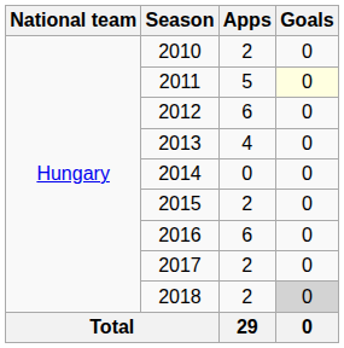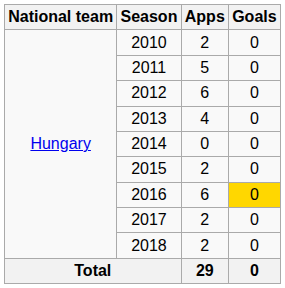 <table class="wikitable" style="text-align: center">
 <tr>
 <th>National team</th>
 <th>Season</th>
 <th>Apps</th>
 <th>Goals</th>
 </tr>
 <tr>
 <td rowspan="9"><a href='#'>Hungary</a></td>
 <td>2010</td>
 <td>2</td>
 <td>0</td>
 </tr>
 <tr>
 <td>2011</td>
 <td>5</td>
-<td style="background: lightyellow;">0</td>
+<td>0</td>
 </tr>
 <tr>
 <td>2012</td>
 <td>6</td>
 <td>0</td>
 </tr>
 <tr>
 <td>2013</td>
 <td>4</td>
 <td>0</td>
 </tr>
 <tr>
 <td>2014</td>
 <td>0</td>
 <td>0</td>
 </tr>
 <tr>
 <td>2015</td>
 <td>2</td>
 <td>0</td>
 </tr>
 <tr>
 <td>2016</td>
 <td>6</td>
-<td>0</td>
+<td style="background: gold;">0</td>
 </tr>
 <tr>
 <td>2017</td>
 <td>2</td>
 <td>0</td>
 </tr>
 <tr>
 <td>2018</td>
 <td>2</td>
-<td style="background: lightgrey;">0</td>
+<td>0</td>
 </tr>
 <tr>
 <th colspan="2">Total</th>
 <th>29</th>
 <th>0</th>
 </tr>
 </table>
